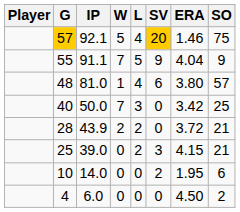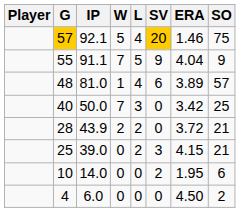 <table class="wikitable sortable">
 <tr>
 <th>Player</th>
 <th>G</th>
 <th>IP</th>
 <th>W</th>
 <th>L</th>
 <th>SV</th>
 <th>ERA</th>
 <th>SO</th>
 </tr>
 <tr align="center">
 <td></td>
 <td bgcolor="#FFCC00">57</td>
 <td>92.1</td>
 <td>5</td>
 <td>4</td>
 <td bgcolor="#FFCC00">20</td>
 <td>1.46</td>
 <td>75</td>
 </tr>
 <tr align="center">
 <td></td>
 <td>55</td>
 <td>91.1</td>
 <td>7</td>
 <td>5</td>
 <td>9</td>
 <td>4.04</td>
 <td>9</td>
 </tr>
 <tr align="center">
 <td></td>
 <td>48</td>
 <td>81.0</td>
 <td>1</td>
 <td>4</td>
 <td>6</td>
-<td>3.80</td>
+<td>3.89</td>
 <td>57</td>
 </tr>
 <tr align="center">
 <td></td>
 <td>40</td>
 <td>50.0</td>
 <td>7</td>
 <td>3</td>
 <td>0</td>
 <td>3.42</td>
 <td>25</td>
 </tr>
 <tr align="center">
 <td></td>
 <td>28</td>
 <td>43.9</td>
 <td>2</td>
 <td>2</td>
 <td>0</td>
 <td>3.72</td>
 <td>21</td>
 </tr>
 <tr align="center">
 <td></td>
 <td>25</td>
 <td>39.0</td>
 <td>0</td>
 <td>2</td>
 <td>3</td>
 <td>4.15</td>
 <td>21</td>
 </tr>
 <tr align="center">
 <td></td>
 <td>10</td>
 <td>14.0</td>
 <td>0</td>
 <td>0</td>
 <td>2</td>
 <td>1.95</td>
 <td>6</td>
 </tr>
 <tr align="center">
 <td></td>
 <td>4</td>
 <td>6.0</td>
 <td>0</td>
 <td>0</td>
 <td>0</td>
 <td>4.50</td>
 <td>2</td>
 </tr>
 </table>
